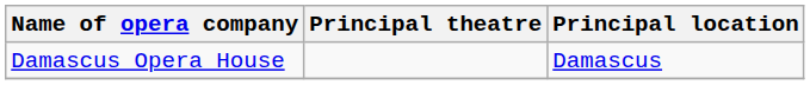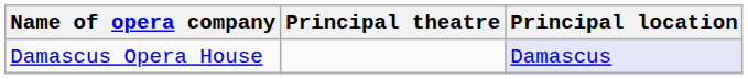 <table class="wikitable">
 <tr>
 <th>Name of <a href='#'>opera</a> company</th>
 <th>Principal theatre</th>
 <th>Principal location</th>
 </tr>
 <tr>
 <td><a href='#'>Damascus Opera House</a></td>
 <td></td>
-<td><a href='#'>Damascus</a></td>
+<td style="background: lavender;"><a href='#'>Damascus</a></td>
 </tr>
 <tr>
 </tr>
 </table>
